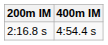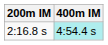 <table class="wikitable">
 <tr>
 <th>200m IM</th>
 <th>400m IM</th>
 </tr>
 <tr>
 <td>2:16.8 s</td>
-<td>4:54.4 s</td>
+<td style="background: paleturquoise;">4:54.4 s</td>
 </tr>
 </table>
